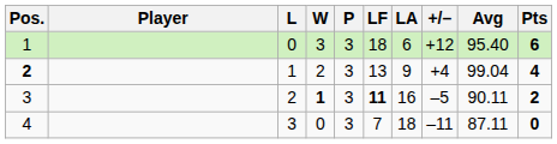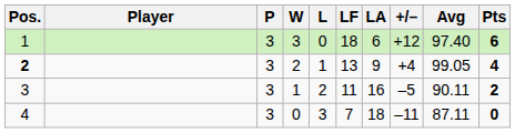 <table class="wikitable" style="text-align:center; margin: 1em auto 1em auto, align:left">
 <tr>
 <th width=20>Pos.</th>
 <th width=212>Player</th>
+<th width=20>P</th>
+<th width=20>W</th>
 <th width=20>L</th>
-<th width=20>W</th>
-<th width=20>P</th>
 <th width=20>LF</th>
 <th width=20>LA</th>
 <th width=25>+/–</th>
 <th width=50>Avg</th>
 <th width=20>Pts</th>
 </tr>
 <tr style="background:#D0F0C0;">
 <td>1</td>
 <td align=left></td>
-<td>0</td>
 <td>3</td>
 <td>3</td>
+<td>0</td>
 <td>18</td>
 <td>6</td>
 <td>+12</td>
-<td>95.40</td>
+<td>97.40</td>
 <td><strong>6</strong></td>
 </tr>
 <tr style=>
 <td><strong>2</strong></td>
 <td align=left></td>
+<td>3</td>
+<td>2</td>
 <td>1</td>
-<td>2</td>
-<td>3</td>
 <td>13</td>
 <td>9</td>
 <td>+4</td>
-<td>99.04</td>
+<td>99.05</td>
 <td><strong>4</strong></td>
 </tr>
 <tr style=>
 <td>3</td>
 <td align=left></td>
+<td>3</td>
+<td>1</td>
 <td>2</td>
-<td><strong>1</strong></td>
-<td>3</td>
-<td><strong>11</strong></td>
+<td>11</td>
 <td>16</td>
 <td>–5</td>
 <td>90.11</td>
 <td><strong>2</strong></td>
 </tr>
 <tr style=>
 <td>4</td>
 <td align=left></td>
 <td>3</td>
 <td>0</td>
 <td>3</td>
 <td>7</td>
 <td>18</td>
 <td>–11</td>
 <td>87.11</td>
 <td><strong>0</strong></td>
 </tr>
 </table>
